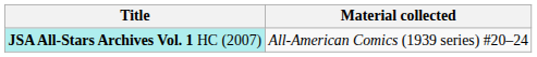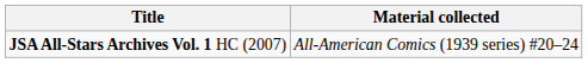 <table class="wikitable">
 <tr>
 <th>Title</th>
 <th>Material collected</th>
 </tr>
 <tr>
-<td valign="top" style="background: paleturquoise;"><strong>JSA All-Stars Archives Vol. 1</strong> HC (2007)</td>
+<td valign="top"><strong>JSA All-Stars Archives Vol. 1</strong> HC (2007)</td>
 <td valign="top"><em>All-American Comics</em> (1939 series) #20–24</td>
 </tr>
 </table>
